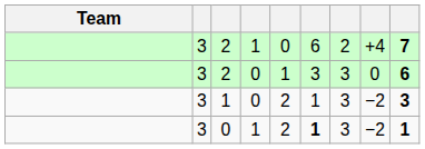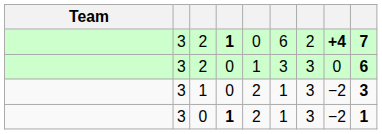 <table class="wikitable" style="text-align: center;">
 <tr>
 <th width=165>Team</th>
 <th wiBAN=20></th>
 <th width=20></th>
 <th width=20></th>
 <th width=20></th>
 <th width=20></th>
 <th width=20></th>
 <th width=20></th>
 <th width=20></th>
 </tr>
 <tr bgcolor=ccffcc>
 <td align=left></td>
 <td>3</td>
 <td>2</td>
-<td>1</td>
+<td><strong>1</strong></td>
 <td>0</td>
 <td>6</td>
 <td>2</td>
-<td>+4</td>
+<td><strong>+4</strong></td>
 <td><strong>7</strong></td>
 </tr>
 <tr bgcolor=ccffcc>
 <td align=left></td>
 <td>3</td>
 <td>2</td>
 <td>0</td>
 <td>1</td>
 <td>3</td>
 <td>3</td>
 <td>0</td>
 <td><strong>6</strong></td>
 </tr>
 <tr bgcolor=>
 <td align=left></td>
 <td>3</td>
 <td>1</td>
 <td>0</td>
 <td>2</td>
 <td>1</td>
 <td>3</td>
 <td>−2</td>
 <td><strong>3</strong></td>
 </tr>
 <tr bgcolor=>
 <td align=left></td>
 <td>3</td>
 <td>0</td>
+<td><strong>1</strong></td>
+<td>2</td>
 <td>1</td>
-<td>2</td>
-<td><strong>1</strong></td>
 <td>3</td>
 <td>−2</td>
 <td><strong>1</strong></td>
 </tr>
 </table>
